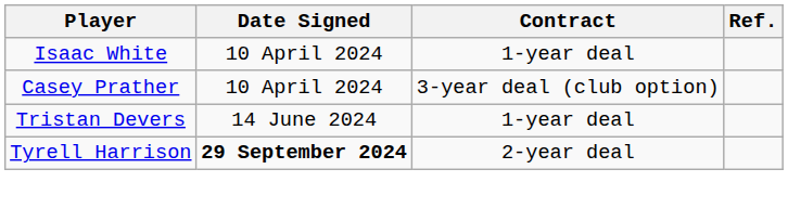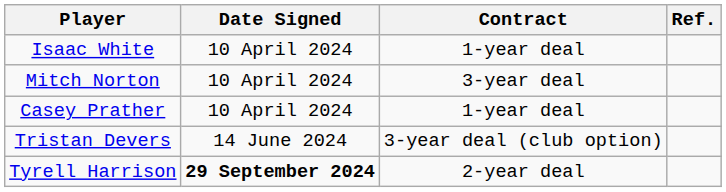 <table class="wikitable sortable sortable" style="text-align: center">
 <tr>
 <th>Player</th>
 <th>Date Signed</th>
 <th>Contract</th>
 <th>Ref.</th>
 </tr>
 <tr>
 <td><a href='#'>Isaac White</a></td>
 <td>10 April 2024</td>
 <td>1-year deal</td>
 <td></td>
 </tr>
 <tr>
+<td><a href='#'>Mitch Norton</a></td>
+<td>10 April 2024</td>
+<td>3-year deal</td>
+<td></td>
+</tr>
+<tr>
 <td><a href='#'>Casey Prather</a></td>
 <td>10 April 2024</td>
-<td>3-year deal (club option)</td>
+<td>1-year deal</td>
 <td></td>
 </tr>
 <tr>
 <td><a href='#'>Tristan Devers</a></td>
 <td>14 June 2024</td>
-<td>1-year deal</td>
+<td>3-year deal (club option)</td>
 <td></td>
 </tr>
 <tr>
 <td><a href='#'>Tyrell Harrison</a></td>
 <td><strong>29 September 2024</strong></td>
 <td>2-year deal</td>
 <td></td>
 </tr>
 </table>
